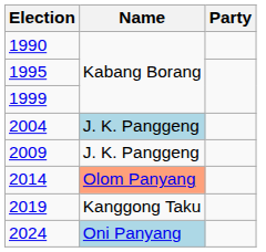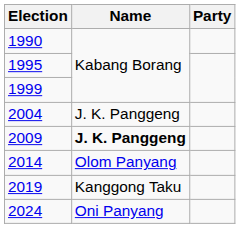 <table class="wikitable sortable">
 <tr>
 <th>Election</th>
 <th>Name</th>
 <th colspan=2>Party</th>
 </tr>
 <tr>
 <td><a href='#'>1990</a></td>
 <td rowspan=3>Kabang Borang</td>
 <td></td>
 </tr>
 <tr>
 <td><a href='#'>1995</a></td>
 </tr>
 <tr>
 <td><a href='#'>1999</a></td>
 </tr>
 <tr>
 <td><a href='#'>2004</a></td>
-<td style="background: lightblue;">J. K. Panggeng</td>
+<td>J. K. Panggeng</td>
 <td></td>
 </tr>
 <tr>
 <td><a href='#'>2009</a></td>
-<td>J. K. Panggeng</td>
+<td><strong>J. K. Panggeng</strong></td>
 <td></td>
 </tr>
 <tr>
 <td><a href='#'>2014</a></td>
-<td style="background: lightsalmon;"><a href='#'>Olom Panyang</a></td>
+<td><a href='#'>Olom Panyang</a></td>
 <td></td>
 </tr>
 <tr>
 <td><a href='#'>2019</a></td>
 <td>Kanggong Taku</td>
 <td></td>
 </tr>
 <tr>
 <td><a href='#'>2024</a></td>
-<td style="background: lightblue;"><a href='#'>Oni Panyang</a></td>
+<td><a href='#'>Oni Panyang</a></td>
 <td></td>
 </tr>
 </table>
